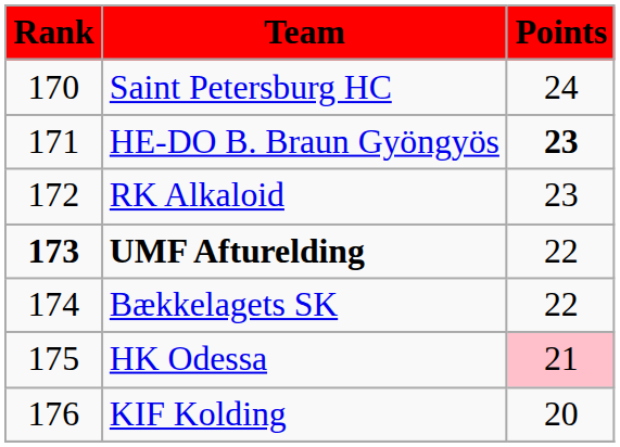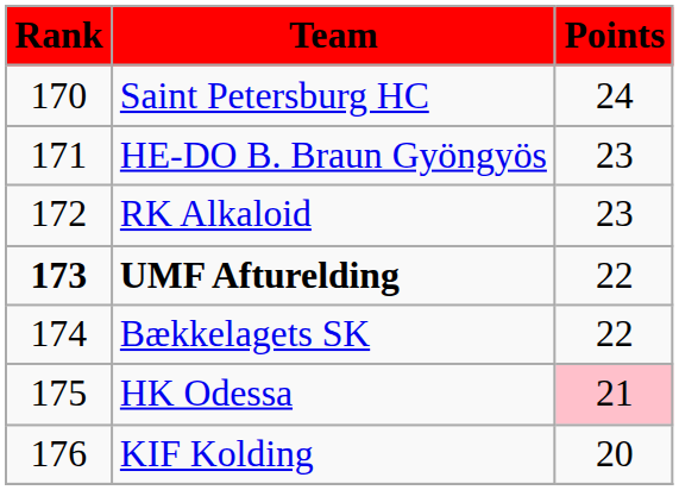 <table class="wikitable" style="text-align: center;">
 <tr>
 <th style="color:black; background:#FF0000">Rank</th>
 <th style="color:black; background:#FF0000">Team</th>
 <th style="color:black; background:#FF0000">Points</th>
 </tr>
 <tr>
 <td>170</td>
 <td align=left> <a href='#'>Saint Petersburg HC</a></td>
 <td>24</td>
 </tr>
 <tr>
 <td>171</td>
 <td align=left> <a href='#'>HE-DO B. Braun Gyöngyös</a></td>
-<td><strong>23</strong></td>
+<td>23</td>
 </tr>
 <tr>
 <td>172</td>
 <td align=left> <a href='#'>RK Alkaloid</a></td>
 <td>23</td>
 </tr>
 <tr>
 <td><strong>173</strong></td>
 <td align=left> <strong>UMF Afturelding</strong></td>
 <td>22</td>
 </tr>
 <tr>
 <td>174</td>
 <td align=left> <a href='#'>Bækkelagets SK</a></td>
 <td>22</td>
 </tr>
 <tr>
 <td>175</td>
 <td align=left> <a href='#'>HK Odessa</a></td>
 <td style="background: pink;">21</td>
 </tr>
 <tr>
 <td>176</td>
 <td align=left> <a href='#'>KIF Kolding</a></td>
 <td>20</td>
 </tr>
 <tr>
 </tr>
 </table>
